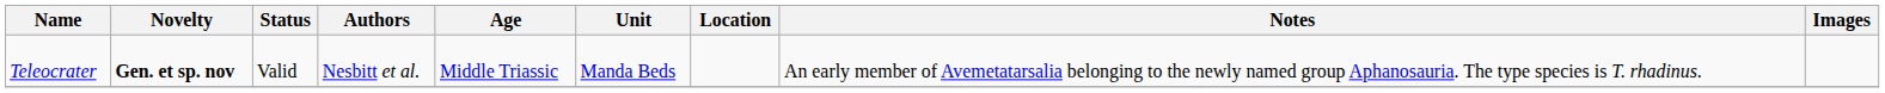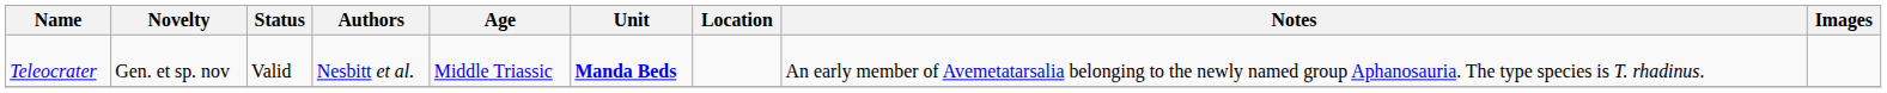 <table class="wikitable sortable" align="center" width="100%">
 <tr>
 <th>Name</th>
 <th>Novelty</th>
 <th>Status</th>
 <th>Authors</th>
 <th>Age</th>
 <th>Unit</th>
 <th>Location</th>
 <th>Notes</th>
 <th>Images</th>
 </tr>
 <tr>
 <td><br><em><a href='#'>Teleocrater</a></em></td>
-<td><strong><br>Gen. et sp. nov</strong></td>
+<td><br>Gen. et sp. nov</td>
 <td><br>Valid</td>
 <td><br><a href='#'>Nesbitt</a> <em>et al.</em></td>
 <td><br><a href='#'>Middle Triassic</a></td>
-<td><br><a href='#'>Manda Beds</a></td>
+<td><strong><br><a href='#'>Manda Beds</a></strong></td>
 <td><br></td>
 <td><br>An early member of <a href='#'>Avemetatarsalia</a> belonging to the newly named group <a href='#'>Aphanosauria</a>. The type species is <em>T. rhadinus</em>.</td>
 <td></td>
 </tr>
 <tr>
 </tr>
 </table>
